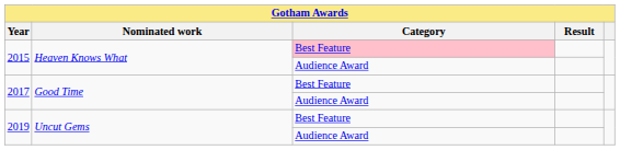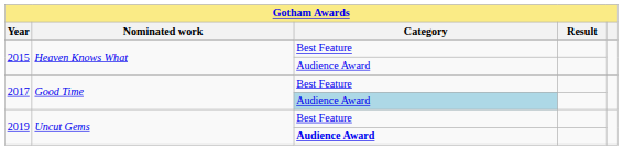 <table width="70%" class="wikitable sortable">
 <tr>
 <th colspan="5" style="background:#FAEB86;" align="center"><a href='#'>Gotham Awards</a></th>
 </tr>
 <tr>
 <th scope="col" style="width:1em;">Year</th>
 <th scope="col" style="width:39em;">Nominated work</th>
 <th scope="col" style="width:40em;">Category</th>
 <th scope="col" style="width:5em;">Result</th>
 <th scope="col" style="width:1em;" class="unsortable"></th>
 </tr>
 <tr>
 <td rowspan="2"><a href='#'>2015</a></td>
 <td rowspan="2"><em><a href='#'>Heaven Knows What</a></em></td>
-<td style="background: pink;"><a href='#'>Best Feature</a></td>
+<td><a href='#'>Best Feature</a></td>
 <td></td>
 <td rowspan="2"></td>
 </tr>
 <tr>
 <td><a href='#'>Audience Award</a></td>
 <td></td>
 </tr>
 <tr>
 <td rowspan="2"><a href='#'>2017</a></td>
 <td rowspan="2"><em><a href='#'>Good Time</a></em></td>
 <td><a href='#'>Best Feature</a></td>
 <td></td>
 <td rowspan="2"></td>
 </tr>
 <tr>
-<td><a href='#'>Audience Award</a></td>
+<td style="background: lightblue;"><a href='#'>Audience Award</a></td>
 <td></td>
 </tr>
 <tr>
 <td rowspan="2"><a href='#'>2019</a></td>
 <td rowspan="2"><em><a href='#'>Uncut Gems</a></em></td>
 <td><a href='#'>Best Feature</a></td>
 <td></td>
 <td rowspan="2"></td>
 </tr>
 <tr>
-<td><a href='#'>Audience Award</a></td>
+<td><strong><a href='#'>Audience Award</a></strong></td>
 <td></td>
 </tr>
 </table>
